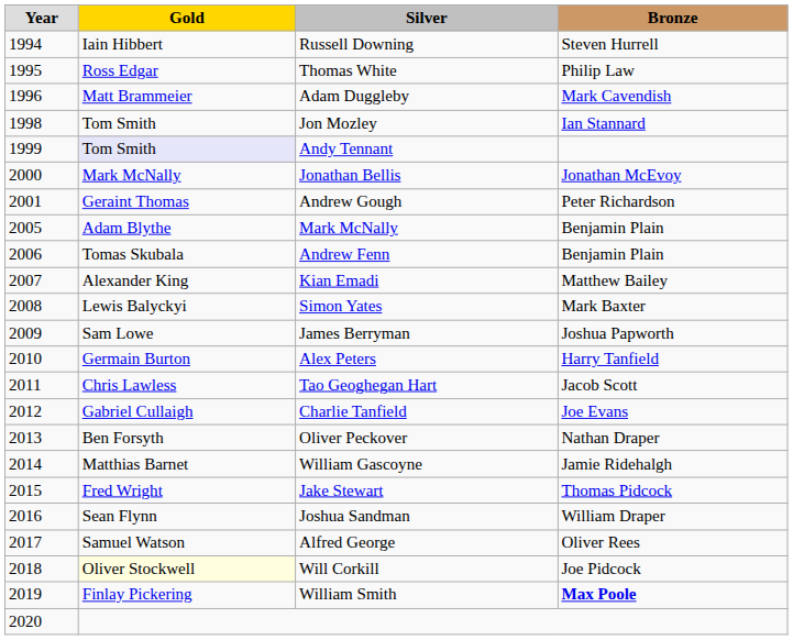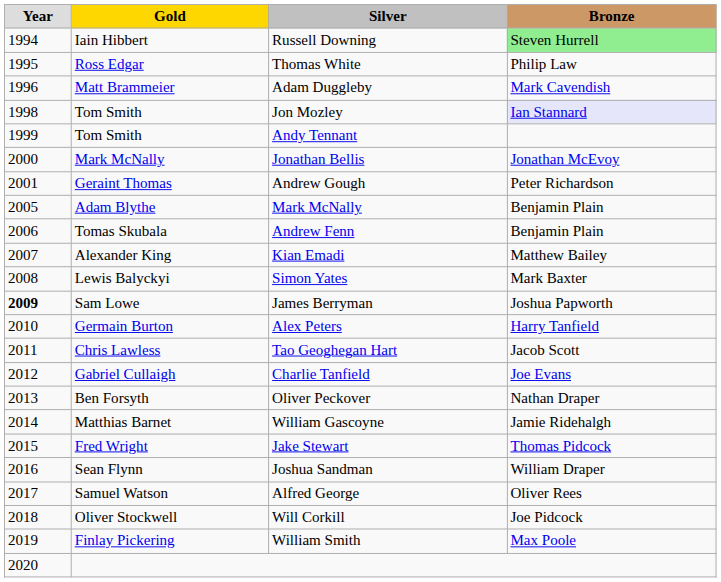 <table class="wikitable" style="width: 60%; text-align:left;">
 <tr>
 <td style="background:#DDDDDD; font-weight:bold; text-align:center;">Year</td>
 <td style="background:gold; font-weight:bold; text-align:center;">Gold</td>
 <td style="background:silver; font-weight:bold; text-align:center;">Silver</td>
 <td style="background:#cc9966; font-weight:bold; text-align:center;">Bronze</td>
 </tr>
 <tr>
 <td>1994</td>
 <td>Iain Hibbert</td>
 <td>Russell Downing</td>
-<td>Steven Hurrell</td>
+<td style="background: lightgreen;">Steven Hurrell</td>
 </tr>
 <tr>
 <td>1995</td>
 <td><a href='#'>Ross Edgar</a></td>
 <td>Thomas White</td>
 <td>Philip Law</td>
 </tr>
 <tr>
 <td>1996</td>
 <td><a href='#'>Matt Brammeier</a></td>
 <td>Adam Duggleby</td>
 <td><a href='#'>Mark Cavendish</a></td>
 </tr>
 <tr>
 <td>1998</td>
 <td>Tom Smith</td>
 <td>Jon Mozley</td>
-<td><a href='#'>Ian Stannard</a></td>
+<td style="background: lavender;"><a href='#'>Ian Stannard</a></td>
 </tr>
 <tr>
 <td>1999</td>
-<td style="background: lavender;">Tom Smith</td>
+<td>Tom Smith</td>
 <td><a href='#'>Andy Tennant</a></td>
 <td></td>
 </tr>
 <tr>
 <td>2000</td>
 <td><a href='#'>Mark McNally</a></td>
 <td><a href='#'>Jonathan Bellis</a></td>
 <td><a href='#'>Jonathan McEvoy</a></td>
 </tr>
 <tr>
 <td>2001</td>
 <td><a href='#'>Geraint Thomas</a></td>
 <td>Andrew Gough</td>
 <td>Peter Richardson</td>
 </tr>
 <tr>
 <td>2005</td>
 <td><a href='#'>Adam Blythe</a></td>
 <td><a href='#'>Mark McNally</a></td>
 <td>Benjamin Plain</td>
 </tr>
 <tr>
 <td>2006</td>
 <td>Tomas Skubala</td>
 <td><a href='#'>Andrew Fenn</a></td>
 <td>Benjamin Plain</td>
 </tr>
 <tr>
 <td>2007</td>
 <td>Alexander King</td>
 <td><a href='#'>Kian Emadi</a></td>
 <td>Matthew Bailey</td>
 </tr>
 <tr>
 <td>2008</td>
 <td>Lewis Balyckyi</td>
 <td><a href='#'>Simon Yates</a></td>
 <td>Mark Baxter</td>
 </tr>
 <tr>
-<td>2009</td>
+<td><strong>2009</strong></td>
 <td>Sam Lowe</td>
 <td>James Berryman</td>
 <td>Joshua Papworth</td>
 </tr>
 <tr>
 <td>2010</td>
 <td><a href='#'>Germain Burton</a></td>
 <td><a href='#'>Alex Peters</a></td>
 <td><a href='#'>Harry Tanfield</a></td>
 </tr>
 <tr>
 <td>2011</td>
 <td><a href='#'>Chris Lawless</a></td>
 <td><a href='#'>Tao Geoghegan Hart</a></td>
 <td>Jacob Scott</td>
 </tr>
 <tr>
 <td>2012</td>
 <td><a href='#'>Gabriel Cullaigh</a></td>
 <td><a href='#'>Charlie Tanfield</a></td>
 <td><a href='#'>Joe Evans</a></td>
 </tr>
 <tr>
 <td>2013</td>
 <td>Ben Forsyth</td>
 <td>Oliver Peckover</td>
 <td>Nathan Draper</td>
 </tr>
 <tr>
 <td>2014</td>
 <td>Matthias Barnet</td>
 <td>William Gascoyne</td>
 <td>Jamie Ridehalgh</td>
 </tr>
 <tr>
 <td>2015</td>
 <td><a href='#'>Fred Wright</a></td>
 <td><a href='#'>Jake Stewart</a></td>
 <td><a href='#'>Thomas Pidcock</a></td>
 </tr>
 <tr>
 <td>2016</td>
 <td>Sean Flynn</td>
 <td>Joshua Sandman</td>
 <td>William Draper</td>
 </tr>
 <tr>
 <td>2017</td>
 <td>Samuel Watson</td>
 <td>Alfred George</td>
 <td>Oliver Rees</td>
 </tr>
 <tr>
 <td>2018</td>
-<td style="background: lightyellow;">Oliver Stockwell</td>
+<td>Oliver Stockwell</td>
 <td>Will Corkill</td>
 <td>Joe Pidcock</td>
 </tr>
 <tr>
 <td>2019</td>
 <td><a href='#'>Finlay Pickering</a></td>
 <td>William Smith</td>
-<td><strong><a href='#'>Max Poole</a></strong></td>
+<td><a href='#'>Max Poole</a></td>
 </tr>
 <tr>
 <td>2020</td>
 </tr>
 </table>
